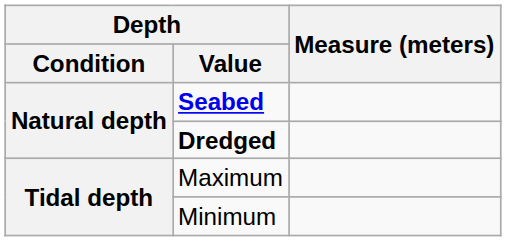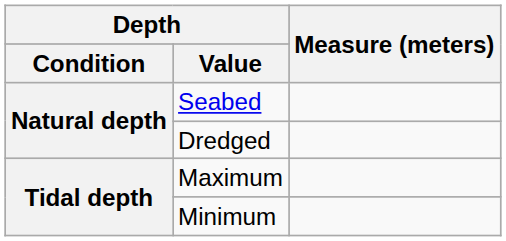 <table class="wikitable" style="font-size: 90%" align=right>
 <tr>
 <th colspan="2">Depth</th>
 <th rowspan="2">Measure (meters)</th>
 </tr>
 <tr>
 <th>Condition</th>
 <th>Value</th>
 </tr>
 <tr>
 <th rowspan="2">Natural depth</th>
-<td><strong><a href='#'>Seabed</a></strong></td>
+<td><a href='#'>Seabed</a></td>
 <td></td>
 </tr>
 <tr>
-<td><strong>Dredged</strong></td>
+<td>Dredged</td>
 <td></td>
 </tr>
 <tr>
 <th rowspan="2">Tidal depth</th>
 <td>Maximum</td>
 <td></td>
 </tr>
 <tr>
 <td>Minimum</td>
 <td></td>
 </tr>
 </table>
